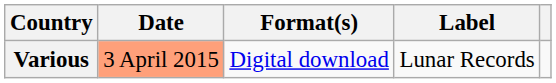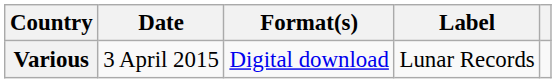 <table class="wikitable plainrowheaders">
 <tr>
 <th scope="col">Country</th>
 <th scope="col">Date</th>
 <th scope="col">Format(s)</th>
 <th scope="col">Label</th>
 <th scope="col"></th>
 </tr>
 <tr>
 <th rowspan="2" scope="row">Various</th>
-<td style="background: lightsalmon;">3 April 2015</td>
+<td>3 April 2015</td>
 <td><a href='#'>Digital download</a></td>
 <td rowspan="2">Lunar Records</td>
 <td></td>
 </tr>
 </table>
